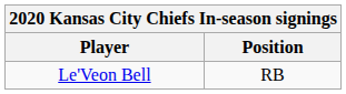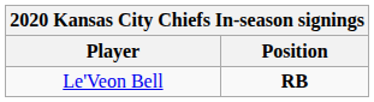 <table class="wikitable" style="text-align:center">
 <tr>
 <th colspan=2>2020 Kansas City Chiefs In-season signings</th>
 </tr>
 <tr>
 <th>Player</th>
 <th>Position</th>
 </tr>
 <tr>
 <td><a href='#'>Le'Veon Bell</a></td>
-<td>RB</td>
+<td><strong>RB</strong></td>
 </tr>
 </table>
